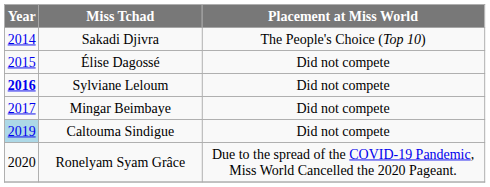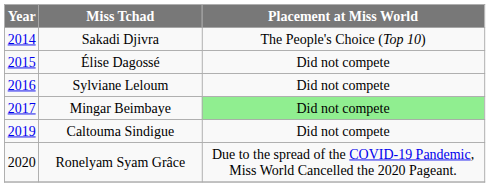 <table class="wikitable sortable" style="font-size: 95%; text-align:center">
 <tr>
 <th width="30" style="background-color:#787878;color:#FFFFFF;">Year</th>
 <th width="170" style="background-color:#787878;color:#FFFFFF;">Miss Tchad</th>
 <th width="300" style="background-color:#787878;color:#FFFFFF;">Placement at Miss World</th>
 </tr>
 <tr>
 <td><a href='#'>2014</a></td>
 <td>Sakadi Djivra</td>
 <td>The People's Choice (<em>Top 10</em>)</td>
 </tr>
 <tr>
 <td><a href='#'>2015</a></td>
 <td>Élise Dagossé</td>
 <td>Did not compete</td>
 </tr>
 <tr>
-<td><strong><a href='#'>2016</a></strong></td>
+<td><a href='#'>2016</a></td>
 <td>Sylviane Leloum</td>
 <td>Did not compete</td>
 </tr>
 <tr>
 <td><a href='#'>2017</a></td>
 <td>Mingar Beimbaye</td>
-<td>Did not compete</td>
+<td style="background: lightgreen;">Did not compete</td>
 </tr>
 <tr>
-<td style="background: lightblue;"><a href='#'>2019</a></td>
+<td><a href='#'>2019</a></td>
 <td>Caltouma Sindigue</td>
 <td>Did not compete</td>
 </tr>
 <tr>
 <td>2020</td>
 <td>Ronelyam Syam Grâce</td>
 <td>Due to the spread of the <a href='#'>COVID-19 Pandemic</a>, Miss World Cancelled the 2020 Pageant.</td>
 </tr>
 <tr>
 </tr>
 </table>
